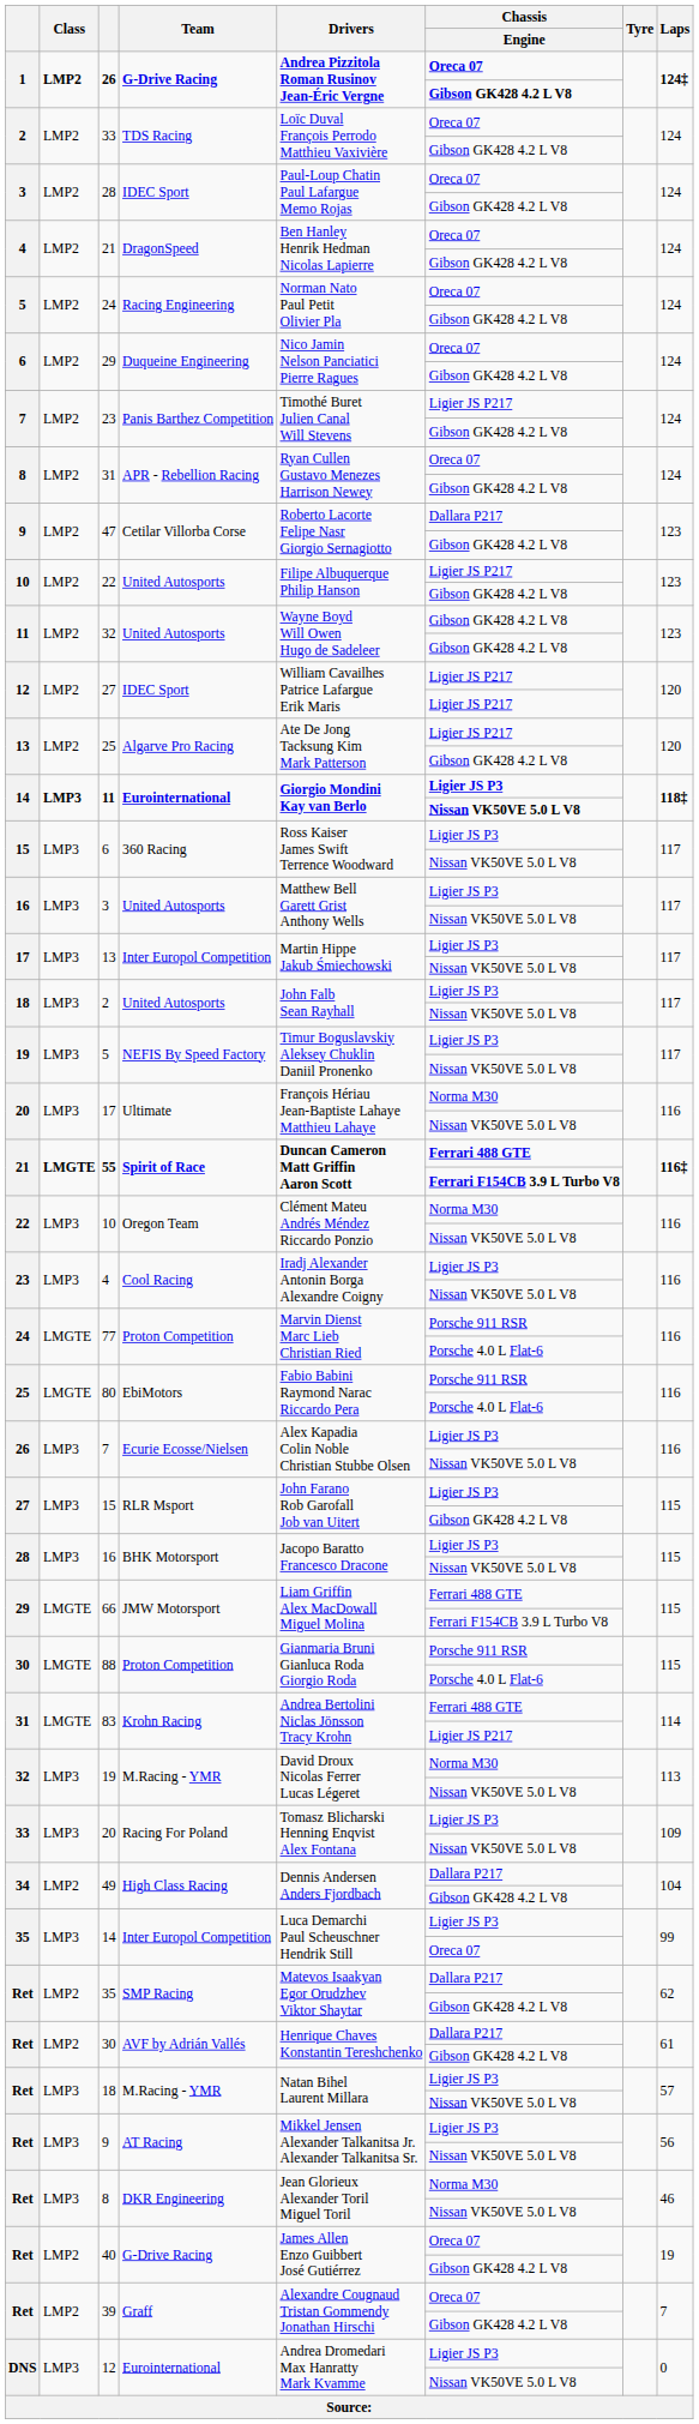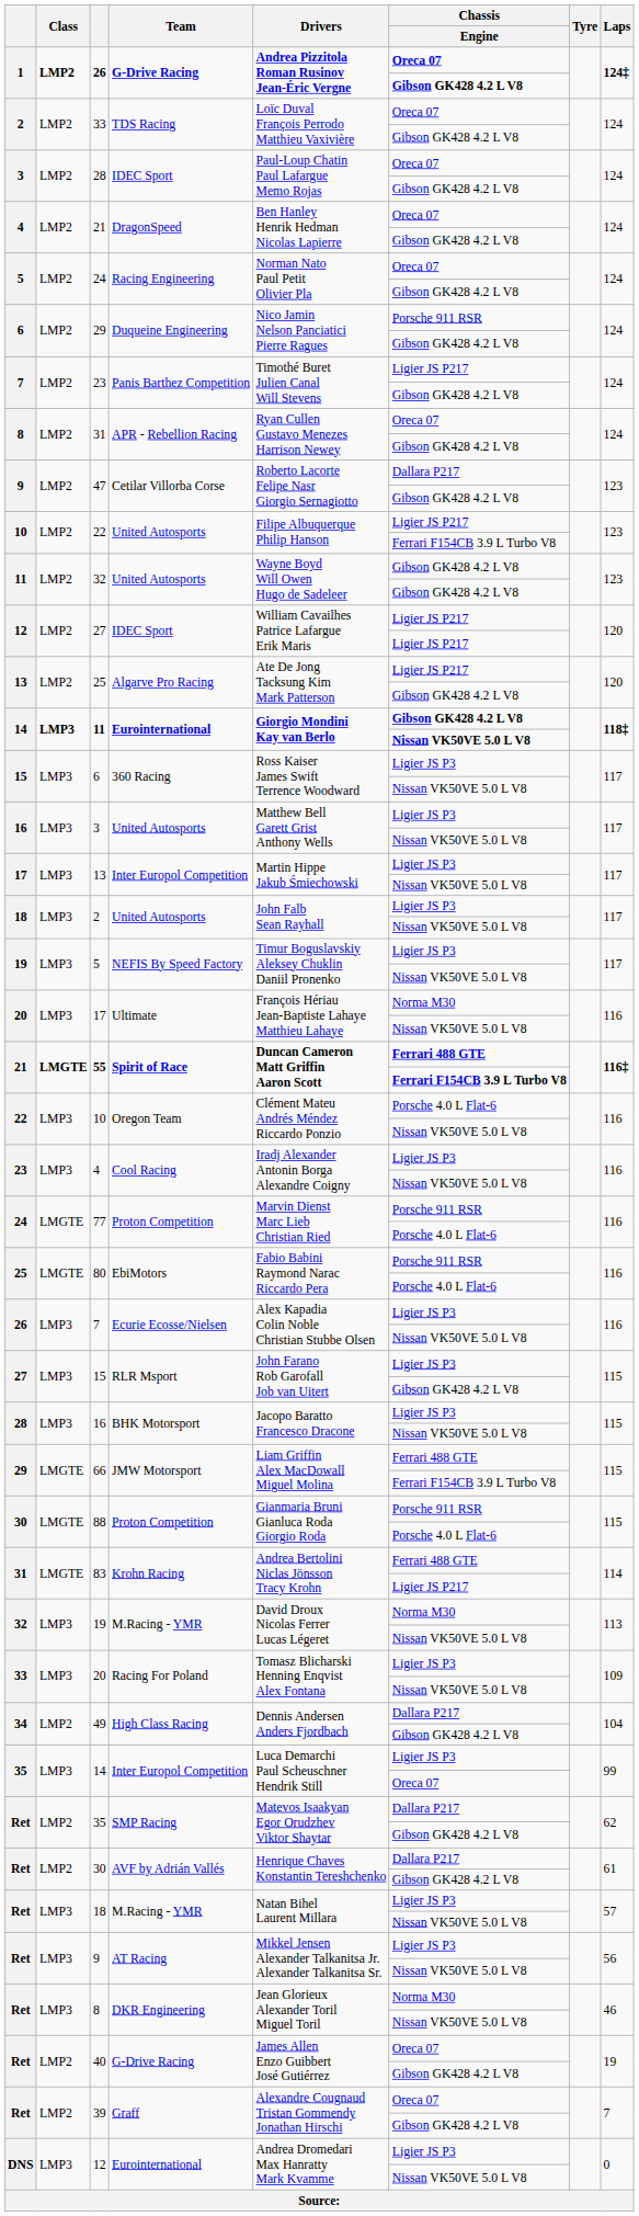 <table class="wikitable" style="font-size: 95%;">
 <tr>
 <th rowspan=2></th>
 <th rowspan=2>Class</th>
 <th rowspan=2></th>
 <th rowspan=2>Team</th>
 <th rowspan=2>Drivers</th>
 <th>Chassis</th>
 <th rowspan=2>Tyre</th>
 <th rowspan=2>Laps</th>
 </tr>
 <tr>
 <th>Engine</th>
 </tr>
 <tr style="font-weight:bold">
 <th rowspan=2>1</th>
 <td rowspan=2>LMP2</td>
 <td rowspan=2>26</td>
 <td rowspan=2> <a href='#'>G-Drive Racing</a></td>
 <td rowspan=2> <a href='#'>Andrea Pizzitola</a><br> <a href='#'>Roman Rusinov</a><br> <a href='#'>Jean-Éric Vergne</a></td>
 <td><a href='#'>Oreca 07</a></td>
 <td rowspan=2></td>
 <td rowspan=2>124‡</td>
 </tr>
 <tr style="font-weight:bold">
 <td><a href='#'>Gibson</a> GK428 4.2 L V8</td>
 </tr>
 <tr>
 <th rowspan=2>2</th>
 <td rowspan=2>LMP2</td>
 <td rowspan=2>33</td>
 <td rowspan=2> <a href='#'>TDS Racing</a></td>
 <td rowspan=2> <a href='#'>Loïc Duval</a><br> <a href='#'>François Perrodo</a><br> <a href='#'>Matthieu Vaxivière</a></td>
 <td><a href='#'>Oreca 07</a></td>
 <td rowspan=2></td>
 <td rowspan=2>124</td>
 </tr>
 <tr>
 <td><a href='#'>Gibson</a> GK428 4.2 L V8</td>
 </tr>
 <tr>
 <th rowspan=2>3</th>
 <td rowspan=2>LMP2</td>
 <td rowspan=2>28</td>
 <td rowspan=2> <a href='#'>IDEC Sport</a></td>
 <td rowspan=2> <a href='#'>Paul-Loup Chatin</a><br> <a href='#'>Paul Lafargue</a><br> <a href='#'>Memo Rojas</a></td>
 <td><a href='#'>Oreca 07</a></td>
 <td rowspan=2></td>
 <td rowspan=2>124</td>
 </tr>
 <tr>
 <td><a href='#'>Gibson</a> GK428 4.2 L V8</td>
 </tr>
 <tr>
 <th rowspan=2>4</th>
 <td rowspan=2>LMP2</td>
 <td rowspan=2>21</td>
 <td rowspan=2> <a href='#'>DragonSpeed</a></td>
 <td rowspan=2> <a href='#'>Ben Hanley</a><br> Henrik Hedman<br> <a href='#'>Nicolas Lapierre</a></td>
 <td><a href='#'>Oreca 07</a></td>
 <td rowspan=2></td>
 <td rowspan=2>124</td>
 </tr>
 <tr>
 <td><a href='#'>Gibson</a> GK428 4.2 L V8</td>
 </tr>
 <tr>
 <th rowspan=2>5</th>
 <td rowspan=2>LMP2</td>
 <td rowspan=2>24</td>
 <td rowspan=2> <a href='#'>Racing Engineering</a></td>
 <td rowspan=2> <a href='#'>Norman Nato</a><br> Paul Petit<br> <a href='#'>Olivier Pla</a></td>
 <td><a href='#'>Oreca 07</a></td>
 <td rowspan=2></td>
 <td rowspan=2>124</td>
 </tr>
 <tr>
 <td><a href='#'>Gibson</a> GK428 4.2 L V8</td>
 </tr>
 <tr>
 <th rowspan=2>6</th>
 <td rowspan=2>LMP2</td>
 <td rowspan=2>29</td>
 <td rowspan=2> <a href='#'>Duqueine Engineering</a></td>
 <td rowspan=2> <a href='#'>Nico Jamin</a><br> <a href='#'>Nelson Panciatici</a><br> <a href='#'>Pierre Ragues</a></td>
-<td><a href='#'>Oreca 07</a></td>
+<td><a href='#'>Porsche 911 RSR</a></td>
 <td rowspan=2></td>
 <td rowspan=2>124</td>
 </tr>
 <tr>
 <td><a href='#'>Gibson</a> GK428 4.2 L V8</td>
 </tr>
 <tr>
 <th rowspan=2>7</th>
 <td rowspan=2>LMP2</td>
 <td rowspan=2>23</td>
 <td rowspan=2> <a href='#'>Panis Barthez Competition</a></td>
 <td rowspan=2> Timothé Buret<br> <a href='#'>Julien Canal</a><br> <a href='#'>Will Stevens</a></td>
 <td><a href='#'>Ligier JS P217</a></td>
 <td rowspan=2></td>
 <td rowspan=2>124</td>
 </tr>
 <tr>
 <td><a href='#'>Gibson</a> GK428 4.2 L V8</td>
 </tr>
 <tr>
 <th rowspan=2>8</th>
 <td rowspan=2>LMP2</td>
 <td rowspan=2>31</td>
 <td rowspan=2> <a href='#'>APR</a> - <a href='#'>Rebellion Racing</a></td>
 <td rowspan=2> <a href='#'>Ryan Cullen</a><br> <a href='#'>Gustavo Menezes</a><br> <a href='#'>Harrison Newey</a></td>
 <td><a href='#'>Oreca 07</a></td>
 <td rowspan=2></td>
 <td rowspan=2>124</td>
 </tr>
 <tr>
 <td><a href='#'>Gibson</a> GK428 4.2 L V8</td>
 </tr>
 <tr>
 <th rowspan=2>9</th>
 <td rowspan=2>LMP2</td>
 <td rowspan=2>47</td>
 <td rowspan=2> Cetilar Villorba Corse</td>
 <td rowspan=2> <a href='#'>Roberto Lacorte</a><br> <a href='#'>Felipe Nasr</a><br> <a href='#'>Giorgio Sernagiotto</a></td>
 <td><a href='#'>Dallara P217</a></td>
 <td rowspan=2></td>
 <td rowspan=2>123</td>
 </tr>
 <tr>
 <td><a href='#'>Gibson</a> GK428 4.2 L V8</td>
 </tr>
 <tr>
 <th rowspan=2>10</th>
 <td rowspan=2>LMP2</td>
 <td rowspan=2>22</td>
 <td rowspan=2> <a href='#'>United Autosports</a></td>
 <td rowspan=2> <a href='#'>Filipe Albuquerque</a><br> <a href='#'>Philip Hanson</a></td>
 <td><a href='#'>Ligier JS P217</a></td>
 <td rowspan=2></td>
 <td rowspan=2>123</td>
 </tr>
 <tr>
-<td><a href='#'>Gibson</a> GK428 4.2 L V8</td>
+<td><a href='#'>Ferrari F154CB</a> 3.9 L Turbo V8</td>
 </tr>
 <tr>
 <th rowspan=2>11</th>
 <td rowspan=2>LMP2</td>
 <td rowspan=2>32</td>
 <td rowspan=2> <a href='#'>United Autosports</a></td>
 <td rowspan=2> <a href='#'>Wayne Boyd</a><br> <a href='#'>Will Owen</a><br> <a href='#'>Hugo de Sadeleer</a></td>
 <td><a href='#'>Gibson</a> GK428 4.2 L V8</td>
 <td rowspan=2></td>
 <td rowspan=2>123</td>
 </tr>
 <tr>
 <td><a href='#'>Gibson</a> GK428 4.2 L V8</td>
 </tr>
 <tr>
 <th rowspan=2>12</th>
 <td rowspan=2>LMP2</td>
 <td rowspan=2>27</td>
 <td rowspan=2> <a href='#'>IDEC Sport</a></td>
 <td rowspan=2> William Cavailhes<br> Patrice Lafargue<br> Erik Maris</td>
 <td><a href='#'>Ligier JS P217</a></td>
 <td rowspan=2></td>
 <td rowspan=2>120</td>
 </tr>
 <tr>
 <td><a href='#'>Ligier JS P217</a></td>
 </tr>
 <tr>
 <th rowspan=2>13</th>
 <td rowspan=2>LMP2</td>
 <td rowspan=2>25</td>
 <td rowspan=2> <a href='#'>Algarve Pro Racing</a></td>
 <td rowspan=2> Ate De Jong<br> Tacksung Kim<br> <a href='#'>Mark Patterson</a></td>
 <td><a href='#'>Ligier JS P217</a></td>
 <td rowspan=2></td>
 <td rowspan=2>120</td>
 </tr>
 <tr>
 <td><a href='#'>Gibson</a> GK428 4.2 L V8</td>
 </tr>
 <tr style="font-weight:bold">
 <th rowspan=2>14</th>
 <td rowspan=2>LMP3</td>
 <td rowspan=2>11</td>
 <td rowspan=2> <a href='#'>Eurointernational</a></td>
 <td rowspan=2> <a href='#'>Giorgio Mondini</a><br> <a href='#'>Kay van Berlo</a></td>
-<td><a href='#'>Ligier JS P3</a></td>
+<td><a href='#'>Gibson</a> GK428 4.2 L V8</td>
 <td rowspan=2></td>
 <td rowspan=2>118‡</td>
 </tr>
 <tr style="font-weight:bold">
 <td><a href='#'>Nissan</a> VK50VE  5.0 L V8</td>
 </tr>
 <tr>
 <th rowspan=2>15</th>
 <td rowspan=2>LMP3</td>
 <td rowspan=2>6</td>
 <td rowspan=2> 360 Racing</td>
 <td rowspan=2> Ross Kaiser<br> James Swift<br> Terrence Woodward</td>
 <td><a href='#'>Ligier JS P3</a></td>
 <td rowspan=2></td>
 <td rowspan=2>117</td>
 </tr>
 <tr>
 <td><a href='#'>Nissan</a> VK50VE  5.0 L V8</td>
 </tr>
 <tr>
 <th rowspan=2>16</th>
 <td rowspan=2>LMP3</td>
 <td rowspan=2>3</td>
 <td rowspan=2> <a href='#'>United Autosports</a></td>
 <td rowspan=2> Matthew Bell<br> <a href='#'>Garett Grist</a><br> Anthony Wells</td>
 <td><a href='#'>Ligier JS P3</a></td>
 <td rowspan=2></td>
 <td rowspan=2>117</td>
 </tr>
 <tr>
 <td><a href='#'>Nissan</a> VK50VE  5.0 L V8</td>
 </tr>
 <tr>
 <th rowspan=2>17</th>
 <td rowspan=2>LMP3</td>
 <td rowspan=2>13</td>
 <td rowspan=2> <a href='#'>Inter Europol Competition</a></td>
 <td rowspan=2> Martin Hippe<br> <a href='#'>Jakub Śmiechowski</a></td>
 <td><a href='#'>Ligier JS P3</a></td>
 <td rowspan=2></td>
 <td rowspan=2>117</td>
 </tr>
 <tr>
 <td><a href='#'>Nissan</a> VK50VE  5.0 L V8</td>
 </tr>
 <tr>
 <th rowspan=2>18</th>
 <td rowspan=2>LMP3</td>
 <td rowspan=2>2</td>
 <td rowspan=2> <a href='#'>United Autosports</a></td>
 <td rowspan=2> <a href='#'>John Falb</a><br> <a href='#'>Sean Rayhall</a></td>
 <td><a href='#'>Ligier JS P3</a></td>
 <td rowspan=2></td>
 <td rowspan=2>117</td>
 </tr>
 <tr>
 <td><a href='#'>Nissan</a> VK50VE  5.0 L V8</td>
 </tr>
 <tr>
 <th rowspan=2>19</th>
 <td rowspan=2>LMP3</td>
 <td rowspan=2>5</td>
 <td rowspan=2> <a href='#'>NEFIS By Speed Factory</a></td>
 <td rowspan=2> <a href='#'>Timur Boguslavskiy</a><br> <a href='#'>Aleksey Chuklin</a><br> Daniil Pronenko</td>
 <td><a href='#'>Ligier JS P3</a></td>
 <td rowspan=2></td>
 <td rowspan=2>117</td>
 </tr>
 <tr>
 <td><a href='#'>Nissan</a> VK50VE  5.0 L V8</td>
 </tr>
 <tr>
 <th rowspan=2>20</th>
 <td rowspan=2>LMP3</td>
 <td rowspan=2>17</td>
 <td rowspan=2> Ultimate</td>
 <td rowspan=2> François Hériau<br> Jean-Baptiste Lahaye<br> <a href='#'>Matthieu Lahaye</a></td>
 <td><a href='#'>Norma M30</a></td>
 <td rowspan=2></td>
 <td rowspan=2>116</td>
 </tr>
 <tr>
 <td><a href='#'>Nissan</a> VK50VE  5.0 L V8</td>
 </tr>
 <tr style="font-weight:bold">
 <th rowspan=2>21</th>
 <td rowspan=2>LMGTE</td>
 <td rowspan=2>55</td>
 <td rowspan=2> <a href='#'>Spirit of Race</a></td>
 <td rowspan=2> Duncan Cameron<br> Matt Griffin<br> Aaron Scott</td>
 <td><a href='#'>Ferrari 488 GTE</a></td>
 <td rowspan=2></td>
 <td rowspan=2>116‡</td>
 </tr>
 <tr style="font-weight:bold">
 <td><a href='#'>Ferrari F154CB</a> 3.9 L Turbo V8</td>
 </tr>
 <tr>
 <th rowspan=2>22</th>
 <td rowspan=2>LMP3</td>
 <td rowspan=2>10</td>
 <td rowspan=2> Oregon Team</td>
 <td rowspan=2> Clément Mateu<br> <a href='#'>Andrés Méndez</a><br> Riccardo Ponzio</td>
-<td><a href='#'>Norma M30</a></td>
+<td><a href='#'>Porsche</a> 4.0 L <a href='#'>Flat-6</a></td>
 <td rowspan=2></td>
 <td rowspan=2>116</td>
 </tr>
 <tr>
 <td><a href='#'>Nissan</a> VK50VE  5.0 L V8</td>
 </tr>
 <tr>
 <th rowspan=2>23</th>
 <td rowspan=2>LMP3</td>
 <td rowspan=2>4</td>
 <td rowspan=2> <a href='#'>Cool Racing</a></td>
 <td rowspan=2> <a href='#'>Iradj Alexander</a><br> Antonin Borga<br> Alexandre Coigny</td>
 <td><a href='#'>Ligier JS P3</a></td>
 <td rowspan=2></td>
 <td rowspan=2>116</td>
 </tr>
 <tr>
 <td><a href='#'>Nissan</a> VK50VE  5.0 L V8</td>
 </tr>
 <tr>
 <th rowspan=2>24</th>
 <td rowspan=2>LMGTE</td>
 <td rowspan=2>77</td>
 <td rowspan=2> <a href='#'>Proton Competition</a></td>
 <td rowspan=2> <a href='#'>Marvin Dienst</a><br> <a href='#'>Marc Lieb</a><br> <a href='#'>Christian Ried</a></td>
 <td><a href='#'>Porsche 911 RSR</a></td>
 <td rowspan=2></td>
 <td rowspan=2>116</td>
 </tr>
 <tr>
 <td><a href='#'>Porsche</a> 4.0 L <a href='#'>Flat-6</a></td>
 </tr>
 <tr>
 <th rowspan=2>25</th>
 <td rowspan=2>LMGTE</td>
 <td rowspan=2>80</td>
 <td rowspan=2> EbiMotors</td>
 <td rowspan=2> <a href='#'>Fabio Babini</a><br> Raymond Narac<br> <a href='#'>Riccardo Pera</a></td>
 <td><a href='#'>Porsche 911 RSR</a></td>
 <td rowspan=2></td>
 <td rowspan=2>116</td>
 </tr>
 <tr>
 <td><a href='#'>Porsche</a> 4.0 L <a href='#'>Flat-6</a></td>
 </tr>
 <tr>
 <th rowspan=2>26</th>
 <td rowspan=2>LMP3</td>
 <td rowspan=2>7</td>
 <td rowspan=2> <a href='#'>Ecurie Ecosse/Nielsen</a></td>
 <td rowspan=2> Alex Kapadia<br> Colin Noble<br> Christian Stubbe Olsen</td>
 <td><a href='#'>Ligier JS P3</a></td>
 <td rowspan=2></td>
 <td rowspan=2>116</td>
 </tr>
 <tr>
 <td><a href='#'>Nissan</a> VK50VE  5.0 L V8</td>
 </tr>
 <tr>
 <th rowspan=2>27</th>
 <td rowspan=2>LMP3</td>
 <td rowspan=2>15</td>
 <td rowspan=2> RLR Msport</td>
 <td rowspan=2> <a href='#'>John Farano</a><br> Rob Garofall<br> <a href='#'>Job van Uitert</a></td>
 <td><a href='#'>Ligier JS P3</a></td>
 <td rowspan=2></td>
 <td rowspan=2>115</td>
 </tr>
 <tr>
 <td><a href='#'>Gibson</a> GK428 4.2 L V8</td>
 </tr>
 <tr>
 <th rowspan=2>28</th>
 <td rowspan=2>LMP3</td>
 <td rowspan=2>16</td>
 <td rowspan=2> BHK Motorsport</td>
 <td rowspan=2> Jacopo Baratto<br> <a href='#'>Francesco Dracone</a></td>
 <td><a href='#'>Ligier JS P3</a></td>
 <td rowspan=2></td>
 <td rowspan=2>115</td>
 </tr>
 <tr>
 <td><a href='#'>Nissan</a> VK50VE  5.0 L V8</td>
 </tr>
 <tr>
 <th rowspan=2>29</th>
 <td rowspan=2>LMGTE</td>
 <td rowspan=2>66</td>
 <td rowspan=2> JMW Motorsport</td>
 <td rowspan=2> <a href='#'>Liam Griffin</a><br> <a href='#'>Alex MacDowall</a><br> <a href='#'>Miguel Molina</a></td>
 <td><a href='#'>Ferrari 488 GTE</a></td>
 <td rowspan=2></td>
 <td rowspan=2>115</td>
 </tr>
 <tr>
 <td><a href='#'>Ferrari F154CB</a> 3.9 L Turbo V8</td>
 </tr>
 <tr>
 <th rowspan=2>30</th>
 <td rowspan=2>LMGTE</td>
 <td rowspan=2>88</td>
 <td rowspan=2> <a href='#'>Proton Competition</a></td>
 <td rowspan=2> <a href='#'>Gianmaria Bruni</a><br> Gianluca Roda<br> <a href='#'>Giorgio Roda</a></td>
 <td><a href='#'>Porsche 911 RSR</a></td>
 <td rowspan=2></td>
 <td rowspan=2>115</td>
 </tr>
 <tr>
 <td><a href='#'>Porsche</a> 4.0 L <a href='#'>Flat-6</a></td>
 </tr>
 <tr>
 <th rowspan=2>31</th>
 <td rowspan=2>LMGTE</td>
 <td rowspan=2>83</td>
 <td rowspan=2> <a href='#'>Krohn Racing</a></td>
 <td rowspan=2> <a href='#'>Andrea Bertolini</a><br> <a href='#'>Niclas Jönsson</a><br> <a href='#'>Tracy Krohn</a></td>
 <td><a href='#'>Ferrari 488 GTE</a></td>
 <td rowspan=2></td>
 <td rowspan=2>114</td>
 </tr>
 <tr>
 <td><a href='#'>Ligier JS P217</a></td>
 </tr>
 <tr>
 <th rowspan=2>32</th>
 <td rowspan=2>LMP3</td>
 <td rowspan=2>19</td>
 <td rowspan=2> M.Racing - <a href='#'>YMR</a></td>
 <td rowspan=2> David Droux<br> Nicolas Ferrer<br> Lucas Légeret</td>
 <td><a href='#'>Norma M30</a></td>
 <td rowspan=2></td>
 <td rowspan=2>113</td>
 </tr>
 <tr>
 <td><a href='#'>Nissan</a> VK50VE  5.0 L V8</td>
 </tr>
 <tr>
 <th rowspan=2>33</th>
 <td rowspan=2>LMP3</td>
 <td rowspan=2>20</td>
 <td rowspan=2> Racing For Poland</td>
 <td rowspan=2> Tomasz Blicharski<br> Henning Enqvist<br> <a href='#'>Alex Fontana</a></td>
 <td><a href='#'>Ligier JS P3</a></td>
 <td rowspan=2></td>
 <td rowspan=2>109</td>
 </tr>
 <tr>
 <td><a href='#'>Nissan</a> VK50VE  5.0 L V8</td>
 </tr>
 <tr>
 <th rowspan=2>34</th>
 <td rowspan=2>LMP2</td>
 <td rowspan=2>49</td>
 <td rowspan=2> <a href='#'>High Class Racing</a></td>
 <td rowspan=2> Dennis Andersen<br> <a href='#'>Anders Fjordbach</a></td>
 <td><a href='#'>Dallara P217</a></td>
 <td rowspan=2></td>
 <td rowspan=2>104</td>
 </tr>
 <tr>
 <td><a href='#'>Gibson</a> GK428 4.2 L V8</td>
 </tr>
 <tr>
 <th rowspan=2>35</th>
 <td rowspan=2>LMP3</td>
 <td rowspan=2>14</td>
 <td rowspan=2> <a href='#'>Inter Europol Competition</a></td>
 <td rowspan=2> Luca Demarchi<br> Paul Scheuschner<br> Hendrik Still</td>
 <td><a href='#'>Ligier JS P3</a></td>
 <td rowspan=2></td>
 <td rowspan=2>99</td>
 </tr>
 <tr>
 <td><a href='#'>Oreca 07</a></td>
 </tr>
 <tr>
 <th rowspan=2>Ret</th>
 <td rowspan=2>LMP2</td>
 <td rowspan=2>35</td>
 <td rowspan=2> <a href='#'>SMP Racing</a></td>
 <td rowspan=2> <a href='#'>Matevos Isaakyan</a><br> <a href='#'>Egor Orudzhev</a><br> <a href='#'>Viktor Shaytar</a></td>
 <td><a href='#'>Dallara P217</a></td>
 <td rowspan=2></td>
 <td rowspan=2>62</td>
 </tr>
 <tr>
 <td><a href='#'>Gibson</a> GK428 4.2 L V8</td>
 </tr>
 <tr>
 <th rowspan=2>Ret</th>
 <td rowspan=2>LMP2</td>
 <td rowspan=2>30</td>
 <td rowspan=2> <a href='#'>AVF by Adrián Vallés</a></td>
 <td rowspan=2> <a href='#'>Henrique Chaves</a><br> <a href='#'>Konstantin Tereshchenko</a></td>
 <td><a href='#'>Dallara P217</a></td>
 <td rowspan=2></td>
 <td rowspan=2>61</td>
 </tr>
 <tr>
 <td><a href='#'>Gibson</a> GK428 4.2 L V8</td>
 </tr>
 <tr>
 <th rowspan=2>Ret</th>
 <td rowspan=2>LMP3</td>
 <td rowspan=2>18</td>
 <td rowspan=2> M.Racing - <a href='#'>YMR</a></td>
 <td rowspan=2> Natan Bihel<br> Laurent Millara</td>
 <td><a href='#'>Ligier JS P3</a></td>
 <td rowspan=2></td>
 <td rowspan=2>57</td>
 </tr>
 <tr>
 <td><a href='#'>Nissan</a> VK50VE  5.0 L V8</td>
 </tr>
 <tr>
 <th rowspan=2>Ret</th>
 <td rowspan=2>LMP3</td>
 <td rowspan=2>9</td>
 <td rowspan=2> <a href='#'>AT Racing</a></td>
 <td rowspan=2> <a href='#'>Mikkel Jensen</a><br> Alexander Talkanitsa Jr.<br> Alexander Talkanitsa Sr.</td>
 <td><a href='#'>Ligier JS P3</a></td>
 <td rowspan=2></td>
 <td rowspan=2>56</td>
 </tr>
 <tr>
 <td><a href='#'>Nissan</a> VK50VE  5.0 L V8</td>
 </tr>
 <tr>
 <th rowspan=2>Ret</th>
 <td rowspan=2>LMP3</td>
 <td rowspan=2>8</td>
 <td rowspan=2> <a href='#'>DKR Engineering</a></td>
 <td rowspan=2> Jean Glorieux<br> Alexander Toril<br> Miguel Toril</td>
 <td><a href='#'>Norma M30</a></td>
 <td rowspan=2></td>
 <td rowspan=2>46</td>
 </tr>
 <tr>
 <td><a href='#'>Nissan</a> VK50VE  5.0 L V8</td>
 </tr>
 <tr>
 <th rowspan=2>Ret</th>
 <td rowspan=2>LMP2</td>
 <td rowspan=2>40</td>
 <td rowspan=2> <a href='#'>G-Drive Racing</a></td>
 <td rowspan=2> <a href='#'>James Allen</a><br> Enzo Guibbert<br> José Gutiérrez</td>
 <td><a href='#'>Oreca 07</a></td>
 <td rowspan=2></td>
 <td rowspan=2>19</td>
 </tr>
 <tr>
 <td><a href='#'>Gibson</a> GK428 4.2 L V8</td>
 </tr>
 <tr>
 <th rowspan=2>Ret</th>
 <td rowspan=2>LMP2</td>
 <td rowspan=2>39</td>
 <td rowspan=2> <a href='#'>Graff</a></td>
 <td rowspan=2> <a href='#'>Alexandre Cougnaud</a><br> <a href='#'>Tristan Gommendy</a><br> <a href='#'>Jonathan Hirschi</a></td>
 <td><a href='#'>Oreca 07</a></td>
 <td rowspan=2></td>
 <td rowspan=2>7</td>
 </tr>
 <tr>
 <td><a href='#'>Gibson</a> GK428 4.2 L V8</td>
 </tr>
 <tr>
 <th rowspan=2>DNS</th>
 <td rowspan=2>LMP3</td>
 <td rowspan=2>12</td>
 <td rowspan=2> <a href='#'>Eurointernational</a></td>
 <td rowspan=2> Andrea Dromedari<br> Max Hanratty<br> <a href='#'>Mark Kvamme</a></td>
 <td><a href='#'>Ligier JS P3</a></td>
 <td rowspan=2></td>
 <td rowspan=2>0</td>
 </tr>
 <tr>
 <td><a href='#'>Nissan</a> VK50VE  5.0 L V8</td>
 </tr>
 <tr>
 <th colspan="8">Source:</th>
 </tr>
 </table>
